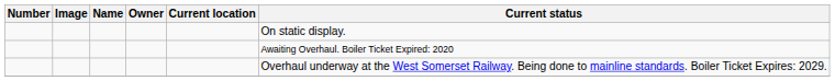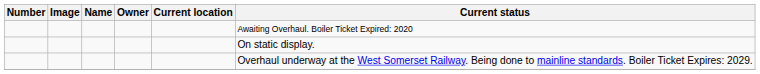 <table class="wikitable">
 <tr>
 <th>Number</th>
 <th>Image</th>
 <th>Name</th>
 <th>Owner</th>
 <th>Current location</th>
 <th>Current status</th>
 </tr>
 <tr>
 <td></td>
 <td></td>
 <td></td>
 <td></td>
 <td></td>
-<td>On static display.</td>
+<td><small>Awaiting Overhaul. Boiler Ticket Expired: 2020</small></td>
 </tr>
 <tr>
 <td></td>
 <td></td>
 <td></td>
 <td></td>
 <td></td>
-<td><small>Awaiting Overhaul. Boiler Ticket Expired: 2020</small></td>
+<td>On static display.</td>
 </tr>
 <tr>
 <td></td>
 <td></td>
 <td></td>
 <td></td>
 <td></td>
 <td>Overhaul underway at the <a href='#'>West Somerset Railway</a>. Being done to <a href='#'>mainline standards</a>. Boiler Ticket Expires: 2029.</td>
 </tr>
 <tr>
 </tr>
 </table>
